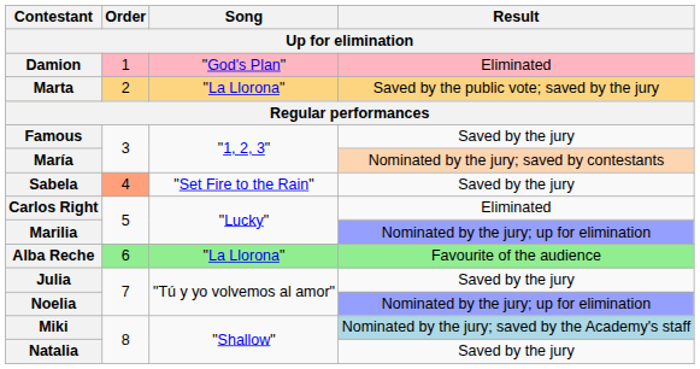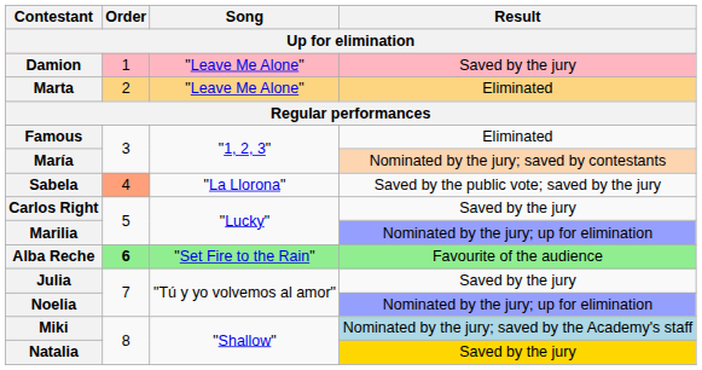 <table class="wikitable plainrowheaders" style="text-align:center;">
 <tr>
 <th scope="col">Contestant</th>
 <th scope="col">Order</th>
 <th scope="col">Song</th>
 <th scope="col">Result</th>
 </tr>
 <tr>
 <th colspan="4">Up for elimination</th>
 </tr>
 <tr style="background:lightpink">
 <th scope="row">Damion</th>
 <td>1</td>
-<td>"<a href='#'>God's Plan</a>"</td>
-<td>Eliminated</td>
+<td>"<a href='#'>Leave Me Alone</a>"</td>
+<td>Saved by the jury</td>
 </tr>
 <tr style="background:#fdd581;">
 <th scope="row">Marta</th>
 <td>2</td>
-<td>"<a href='#'>La Llorona</a>"</td>
-<td>Saved by the public vote; saved by the jury</td>
+<td>"<a href='#'>Leave Me Alone</a>"</td>
+<td>Eliminated</td>
 </tr>
 <tr>
 <th colspan="4">Regular performances</th>
 </tr>
 <tr>
 <th scope="row">Famous</th>
 <td rowspan="2">3</td>
 <td rowspan="2">"<a href='#'>1, 2, 3</a>"</td>
-<td>Saved by the jury</td>
+<td>Eliminated</td>
 </tr>
 <tr>
 <th scope="row">María</th>
 <td style="background:#fdd5b1;">Nominated by the jury; saved by contestants</td>
 </tr>
 <tr>
 <th scope="row">Sabela</th>
 <td style="background: lightsalmon;">4</td>
-<td>"<a href='#'>Set Fire to the Rain</a>"</td>
-<td>Saved by the jury</td>
+<td>"<a href='#'>La Llorona</a>"</td>
+<td>Saved by the public vote; saved by the jury</td>
 </tr>
 <tr>
 <th scope="row">Carlos Right</th>
 <td rowspan="2">5</td>
 <td rowspan="2">"<a href='#'>Lucky</a>"</td>
-<td>Eliminated</td>
+<td>Saved by the jury</td>
 </tr>
 <tr>
 <th scope="row">Marilia</th>
 <td style="background:#959ffd;">Nominated by the jury; up for elimination</td>
 </tr>
 <tr style="background:lightgreen">
 <th scope="row">Alba Reche</th>
-<td>6</td>
-<td>"<a href='#'>La Llorona</a>"</td>
+<td><strong>6</strong></td>
+<td>"<a href='#'>Set Fire to the Rain</a>"</td>
 <td style="background:lightgreen">Favourite of the audience</td>
 </tr>
 <tr>
 <th scope="row">Julia</th>
 <td rowspan="2">7</td>
 <td rowspan="2">"Tú y yo volvemos al amor"</td>
 <td>Saved by the jury</td>
 </tr>
 <tr>
 <th scope="row">Noelia</th>
 <td style="background:#959ffd;">Nominated by the jury; up for elimination</td>
 </tr>
 <tr>
 <th scope="row">Miki</th>
 <td rowspan="2">8</td>
 <td rowspan="2">"<a href='#'>Shallow</a>"</td>
 <td style="background:lightblue;">Nominated by the jury; saved by the Academy's staff</td>
 </tr>
 <tr>
 <th scope="row">Natalia</th>
-<td>Saved by the jury</td>
+<td style="background: gold;">Saved by the jury</td>
 </tr>
 </table>
